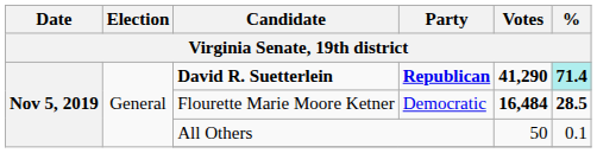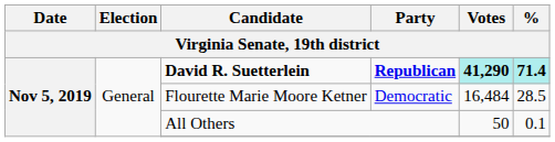 <table class="wikitable">
 <tr>
 <th>Date</th>
 <th>Election</th>
 <th>Candidate</th>
 <th>Party</th>
 <th>Votes</th>
 <th>%</th>
 </tr>
 <tr>
 <th colspan="6">Virginia Senate, 19th district</th>
 </tr>
 <tr>
 <th rowspan="5">Nov 5, 2019</th>
 <td rowspan="5" align="center">General</td>
 <td><strong>David R. Suetterlein</strong></td>
 <td><strong><a href='#'>Republican</a></strong></td>
-<td align="right"><strong>41,290</strong></td>
+<td align="right" style="background: paleturquoise;"><strong>41,290</strong></td>
 <td align="right" style="background: paleturquoise;"><strong>71.4</strong></td>
 </tr>
 <tr>
 <td>Flourette Marie Moore Ketner</td>
 <td><a href='#'>Democratic</a></td>
-<td align="right"><strong>16,484</strong></td>
-<td align="right"><strong>28.5</strong></td>
+<td align="right">16,484</td>
+<td align="right">28.5</td>
 </tr>
 <tr>
 <td colspan="2">All Others</td>
 <td align="right">50</td>
 <td align="right">0.1</td>
 </tr>
 <tr>
 </tr>
 </table>
